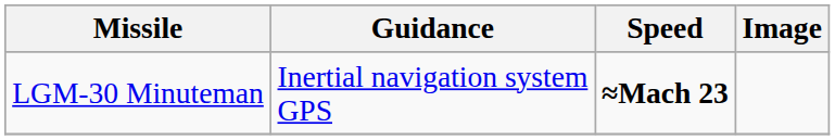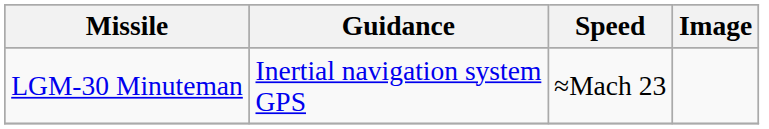 <table class="wikitable">
 <tr>
 <th>Missile</th>
 <th>Guidance</th>
 <th>Speed</th>
 <th>Image</th>
 </tr>
 <tr>
 <td><a href='#'>LGM-30 Minuteman</a></td>
 <td><a href='#'>Inertial navigation system</a> <br> <a href='#'>GPS</a></td>
-<td><strong>≈Mach 23</strong></td>
+<td>≈Mach 23</td>
 <td></td>
 </tr>
 <tr>
 </tr>
 </table>
